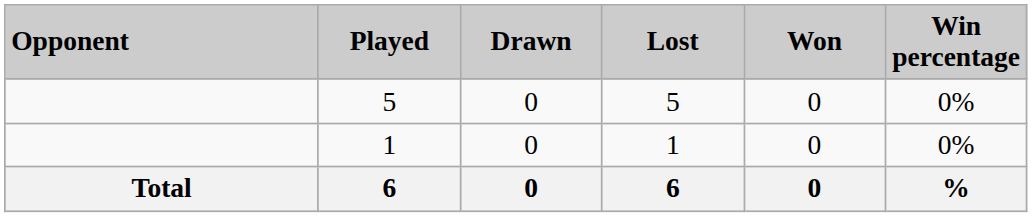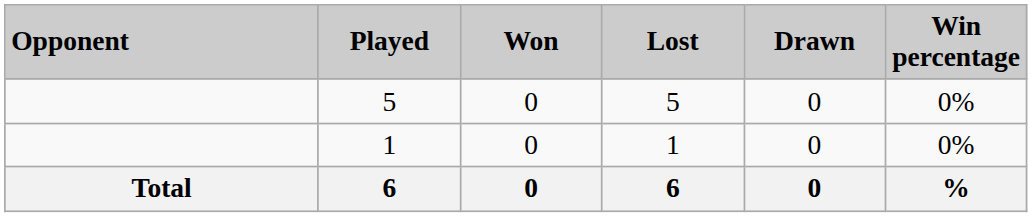 <table class="wikitable sortable" style="border:1px solid #ccc;">
 <tr>
 <th style="width:175px; text-align:left; background:#ccc;">Opponent</th>
 <th style="width:75px; text-align:center; background:#ccc;">Played</th>
+<th style="width:75px; text-align:center; background:#ccc;">Won</th>
+<th style="width:75px; text-align:center; background:#ccc;">Lost</th>
 <th style="width:75px; text-align:center; background:#ccc;">Drawn</th>
-<th style="width:75px; text-align:center; background:#ccc;">Lost</th>
-<th style="width:75px; text-align:center; background:#ccc;">Won</th>
 <th style="width:75px; text-align:center; background:#ccc;">Win percentage</th>
 </tr>
 <tr style="text-align:center;">
 <td align="left"></td>
 <td>5</td>
 <td>0</td>
 <td>5</td>
 <td>0</td>
 <td>0%</td>
 </tr>
 <tr style="text-align:center;">
 <td align="left"></td>
 <td>1</td>
 <td>0</td>
 <td>1</td>
 <td>0</td>
 <td>0%</td>
 </tr>
 <tr style="text-align:center;">
 <th>Total</th>
 <th><strong>6</strong></th>
 <th><strong>0</strong></th>
 <th><strong>6</strong></th>
 <th><strong>0</strong></th>
 <th><strong>%</strong></th>
 </tr>
 </table>
